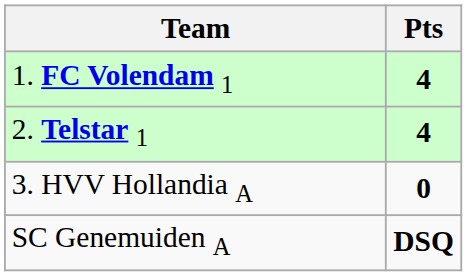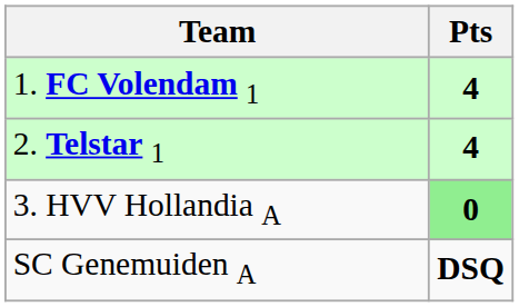 <table class="wikitable" style="text-align:center; float:left; margin-right:1em">
 <tr>
 <th style="width:200px">Team</th>
 <th width=20>Pts</th>
 </tr>
 <tr bgcolor=ccffcc>
 <td align=left>1. <strong><a href='#'>FC Volendam</a></strong> <sub>1</sub></td>
 <td><strong>4</strong></td>
 </tr>
 <tr bgcolor=ccffcc>
 <td align=left>2. <strong><a href='#'>Telstar</a></strong> <sub>1</sub></td>
 <td><strong>4</strong></td>
 </tr>
 <tr>
 <td align=left>3. HVV Hollandia <sub>A</sub></td>
-<td><strong>0</strong></td>
+<td style="background: lightgreen;"><strong>0</strong></td>
 </tr>
 <tr>
 <td align=left>SC Genemuiden <sub>A</sub> </td>
 <td><strong>DSQ</strong></td>
 </tr>
 </table>
